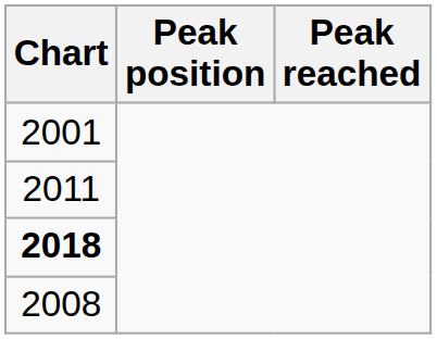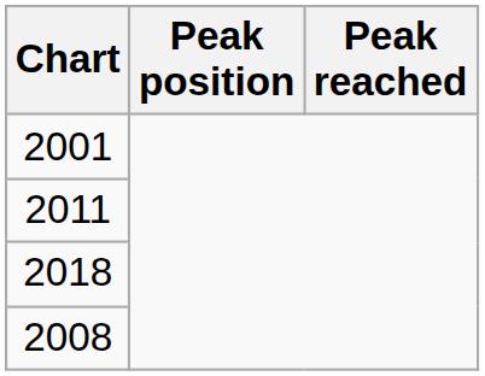 <table class="wikitable plainrowheaders sortable" style="text-align:center;">
 <tr>
 <th>Chart</th>
 <th>Peak<br>position</th>
 <th>Peak<br>reached</th>
 </tr>
 <tr>
 <td>2001</td>
 </tr>
 <tr>
 <td>2011</td>
 </tr>
 <tr>
-<td><strong>2018</strong></td>
+<td>2018</td>
 </tr>
 <tr>
 <td>2008</td>
 </tr>
 </table>
